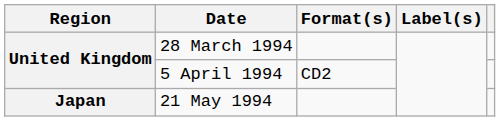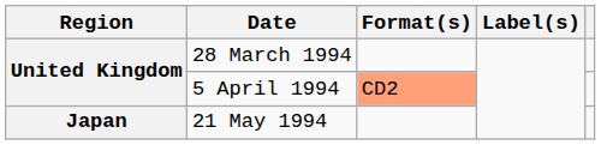 <table class="wikitable plainrowheaders">
 <tr>
 <th scope="col">Region</th>
 <th scope="col">Date</th>
 <th scope="col">Format(s)</th>
 <th scope="col">Label(s)</th>
 <th scope="col"></th>
 </tr>
 <tr>
 <th scope="row" rowspan="2">United Kingdom</th>
 <td>28 March 1994</td>
 <td></td>
 <td rowspan="3"></td>
 <td align="center"></td>
 </tr>
 <tr>
 <td>5 April 1994</td>
-<td>CD2</td>
+<td style="background: lightsalmon;">CD2</td>
 <td align="center"></td>
 </tr>
 <tr>
 <th scope="row">Japan</th>
 <td>21 May 1994</td>
 <td></td>
 <td align="center"></td>
 </tr>
 </table>
